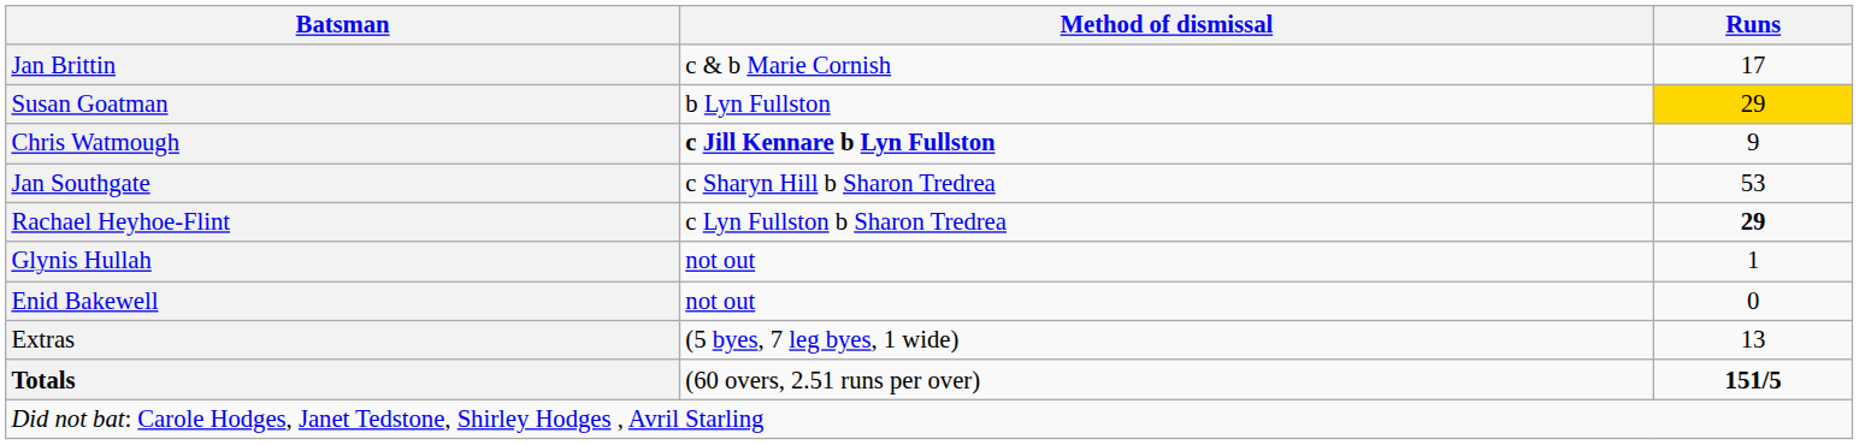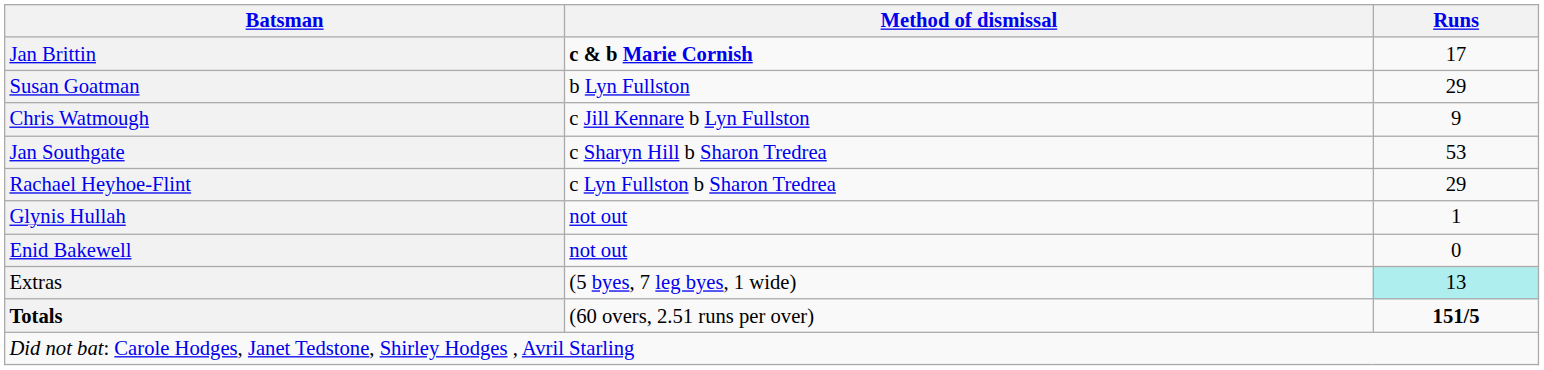 <table cellpadding="1" style="border:gray solid 1px; text-align:center; width:60%;" class="wikitable">
 <tr>
 <th scope="col"><a href='#'>Batsman</a></th>
 <th scope="col"><a href='#'>Method of dismissal</a></th>
 <th scope="col"><a href='#'>Runs</a></th>
 </tr>
 <tr>
 <th scope="row" style="font-weight: normal; text-align: left;"><a href='#'>Jan Brittin</a></th>
-<td style=" text-align: left;">c & b <a href='#'>Marie Cornish</a></td>
+<td style=" text-align: left;"><strong>c & b <a href='#'>Marie Cornish</a></strong></td>
 <td>17</td>
 </tr>
 <tr>
 <th scope="row" style="font-weight: normal; text-align: left;"><a href='#'>Susan Goatman</a> </th>
 <td style=" text-align: left;">b <a href='#'>Lyn Fullston</a></td>
-<td style="background: gold;">29</td>
+<td>29</td>
 </tr>
 <tr>
 <th scope="row" style="font-weight: normal; text-align: left;"><a href='#'>Chris Watmough</a></th>
-<td style=" text-align: left;"><strong>c <a href='#'>Jill Kennare</a> b <a href='#'>Lyn Fullston</a></strong></td>
+<td style=" text-align: left;">c <a href='#'>Jill Kennare</a> b <a href='#'>Lyn Fullston</a></td>
 <td>9</td>
 </tr>
 <tr>
 <th scope="row" style="font-weight: normal; text-align: left;"><a href='#'>Jan Southgate</a></th>
 <td style=" text-align: left;">c <a href='#'>Sharyn Hill</a> b <a href='#'>Sharon Tredrea</a></td>
 <td>53</td>
 </tr>
 <tr>
 <th scope="row" style="font-weight: normal; text-align: left;"><a href='#'>Rachael Heyhoe-Flint</a></th>
 <td style=" text-align: left;">c <a href='#'>Lyn Fullston</a> b <a href='#'>Sharon Tredrea</a></td>
-<td><strong>29</strong></td>
+<td>29</td>
 </tr>
 <tr>
 <th scope="row" style="font-weight: normal; text-align: left;"><a href='#'>Glynis Hullah</a></th>
 <td style=" text-align: left;"><a href='#'>not out</a></td>
 <td>1</td>
 </tr>
 <tr>
 <th scope="row" style="font-weight: normal; text-align: left;"><a href='#'>Enid Bakewell</a></th>
 <td style=" text-align: left;"><a href='#'>not out</a></td>
 <td>0</td>
 </tr>
 <tr>
 <th scope="row" style="font-weight: normal; text-align: left;">Extras</th>
 <td style=" text-align: left;">(5 <a href='#'>byes</a>, 7 <a href='#'>leg byes</a>, 1 wide)</td>
-<td>13</td>
+<td style="background: paleturquoise;">13</td>
 </tr>
 <tr>
 <th scope="row" style="font-weight: normal; text-align: left;"><strong>Totals</strong></th>
 <td style=" text-align: left;">(60 overs, 2.51 runs per over)</td>
 <td><strong>151/5</strong></td>
 </tr>
 <tr style="text-align:left;">
 <td colspan="3"><em>Did not bat</em>: <a href='#'>Carole Hodges</a>, <a href='#'>Janet Tedstone</a>, <a href='#'>Shirley Hodges</a> , <a href='#'>Avril Starling</a></td>
 </tr>
 </table>
